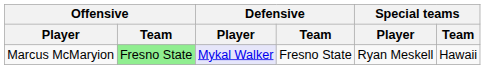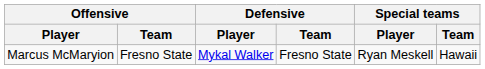 <table class="wikitable">
 <tr>
 <th colspan="2">Offensive</th>
 <th colspan="2">Defensive</th>
 <th colspan="2">Special teams</th>
 </tr>
 <tr>
 <th>Player</th>
 <th>Team</th>
 <th>Player</th>
 <th>Team</th>
 <th>Player</th>
 <th>Team</th>
 </tr>
 <tr>
 <td>Marcus McMaryion</td>
-<td style="background: lightgreen;">Fresno State</td>
-<td style="background: lavender;"><a href='#'>Mykal Walker</a></td>
+<td>Fresno State</td>
+<td><a href='#'>Mykal Walker</a></td>
 <td>Fresno State</td>
 <td>Ryan Meskell</td>
 <td>Hawaii</td>
 </tr>
 </table>
